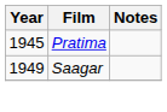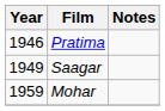 <table class="wikitable">
 <tr>
 <th>Year</th>
 <th>Film</th>
 <th>Notes</th>
 </tr>
 <tr>
-<td>1945</td>
+<td>1946</td>
 <td><em><a href='#'>Pratima</a></em></td>
 <td></td>
 </tr>
 <tr>
 <td>1949</td>
 <td><em>Saagar</em></td>
 <td></td>
 </tr>
 <tr>
+<td>1959</td>
+<td><em>Mohar</em></td>
+<td></td>
+</tr>
+<tr>
 </tr>
 </table>
